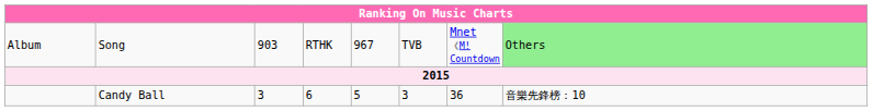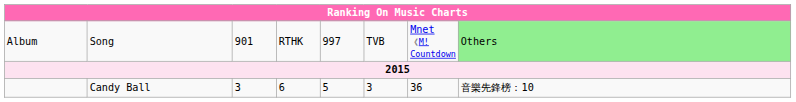 <table class="wikitable">
 <tr>
 <th colspan="8" style="background:hotPink; color:white;">Ranking On Music Charts</th>
 </tr>
 <tr>
 <td style="width:100px;">Album</td>
 <td style="width:180px;">Song</td>
-<td style="width:50px;">903</td>
+<td style="width:50px;">901</td>
 <td style="width:50px;">RTHK</td>
-<td style="width:50px;">967</td>
+<td style="width:50px;">997</td>
 <td style="width:50px;">TVB</td>
 <td style="width:50px;"><a href='#'>Mnet</a><br><small>《<a href='#'>M! Countdown</a></small></td>
 <td style="background: lightgreen; width:420px;">Others</td>
 </tr>
 <tr>
 <th colspan="8" style="background:#fde2f0">2015</th>
 </tr>
 <tr>
 <td></td>
 <td>Candy Ball</td>
 <td>3</td>
 <td>6</td>
 <td>5</td>
 <td>3</td>
 <td>36 </td>
 <td>音樂先鋒榜：10</td>
 </tr>
 </table>
